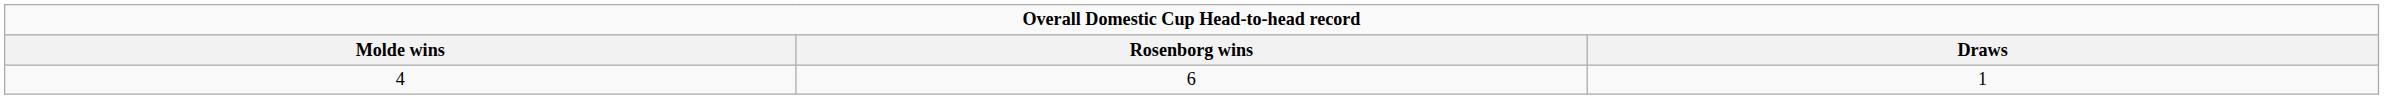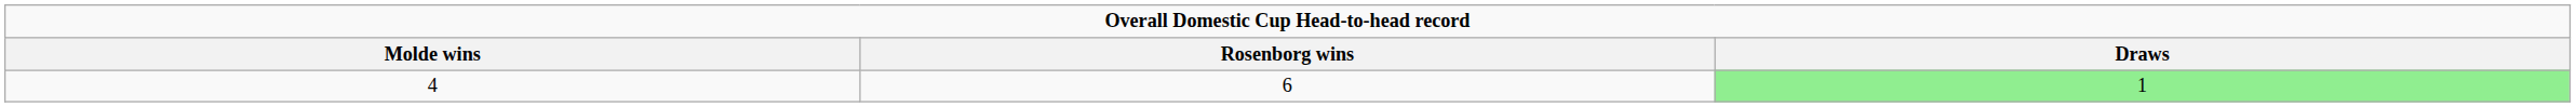 <table class="wikitable" style="font-size:90%; width:95%; text-align:center">
 <tr>
 <td Colspan="3"><strong>Overall Domestic Cup Head-to-head record</strong></td>
 </tr>
 <tr>
 <th width="33%">Molde wins</th>
 <th width="33%">Rosenborg wins</th>
 <th width="33%">Draws</th>
 </tr>
 <tr>
 <td>4</td>
 <td>6</td>
-<td>1</td>
+<td style="background: lightgreen;">1</td>
 </tr>
 </table>
